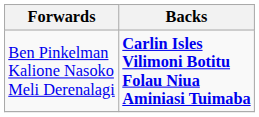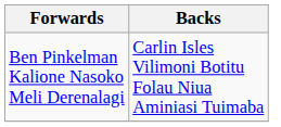 <table class=wikitable style="text-align: left;">
 <tr>
 <th align=center>Forwards</th>
 <th align=center>Backs</th>
 </tr>
 <tr>
 <td> <a href='#'>Ben Pinkelman</a> <br>  <a href='#'>Kalione Nasoko</a> <br>  <a href='#'>Meli Derenalagi</a></td>
-<td><strong> <a href='#'>Carlin Isles</a> <br>  <a href='#'>Vilimoni Botitu</a> <br>  <a href='#'>Folau Niua</a> <br>  <a href='#'>Aminiasi Tuimaba</a></strong></td>
+<td> <a href='#'>Carlin Isles</a> <br>  <a href='#'>Vilimoni Botitu</a> <br>  <a href='#'>Folau Niua</a> <br>  <a href='#'>Aminiasi Tuimaba</a></td>
 </tr>
 <tr>
 </tr>
 </table>
